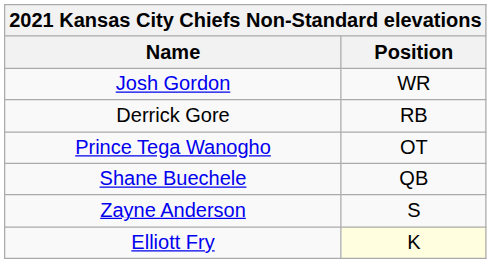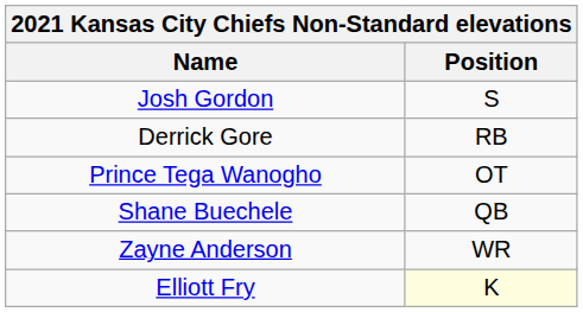 <table class="wikitable" style="text-align:center">
 <tr>
 <th colspan=2>2021 Kansas City Chiefs Non-Standard elevations</th>
 </tr>
 <tr>
 <th>Name</th>
 <th>Position</th>
 </tr>
 <tr>
 <td><a href='#'>Josh Gordon</a></td>
-<td>WR</td>
+<td>S</td>
 </tr>
 <tr>
 <td>Derrick Gore</td>
 <td>RB</td>
 </tr>
 <tr>
 <td><a href='#'>Prince Tega Wanogho</a></td>
 <td>OT</td>
 </tr>
 <tr>
 <td><a href='#'>Shane Buechele</a></td>
 <td>QB</td>
 </tr>
 <tr>
 <td><a href='#'>Zayne Anderson</a></td>
-<td>S</td>
+<td>WR</td>
 </tr>
 <tr>
 <td><a href='#'>Elliott Fry</a></td>
 <td style="background: lightyellow;">K</td>
 </tr>
 </table>
